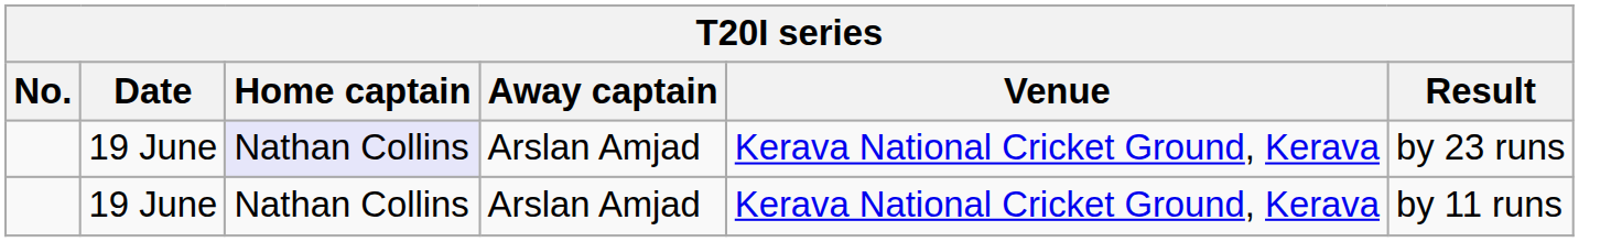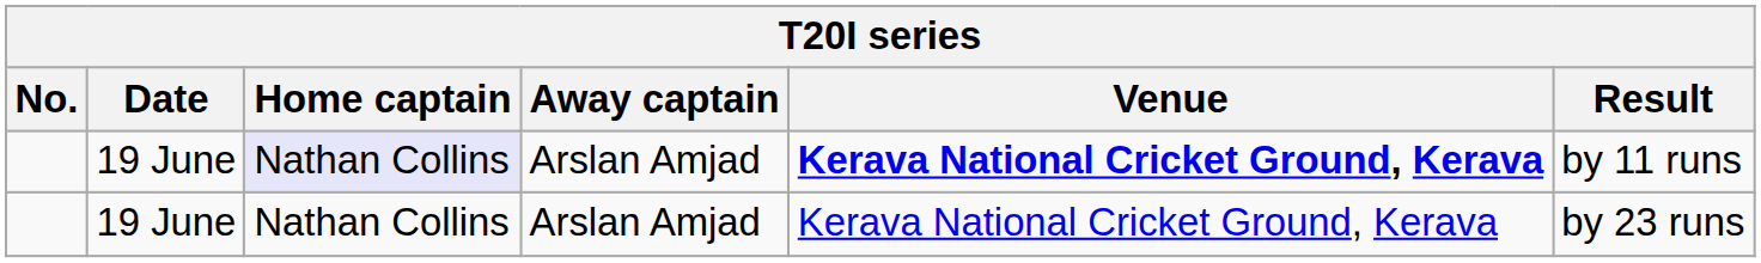 <table class="wikitable">
 <tr>
 <th colspan="6">T20I series</th>
 </tr>
 <tr>
 <th>No.</th>
 <th>Date</th>
 <th>Home captain</th>
 <th>Away captain</th>
 <th>Venue</th>
 <th>Result</th>
 </tr>
 <tr>
 <td></td>
 <td>19 June</td>
 <td style="background: lavender;">Nathan Collins</td>
 <td>Arslan Amjad</td>
-<td><a href='#'>Kerava National Cricket Ground</a>, <a href='#'>Kerava</a></td>
-<td> by 23 runs</td>
+<td><strong><a href='#'>Kerava National Cricket Ground</a>, <a href='#'>Kerava</a></strong></td>
+<td> by 11 runs</td>
 </tr>
 <tr>
 <td></td>
 <td>19 June</td>
 <td>Nathan Collins</td>
 <td>Arslan Amjad</td>
 <td><a href='#'>Kerava National Cricket Ground</a>, <a href='#'>Kerava</a></td>
-<td> by 11 runs</td>
+<td> by 23 runs</td>
 </tr>
 </table>
